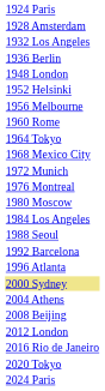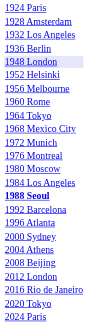 <table>
 <tr>
 <td><a href='#'>1924 Paris</a><br></td>
 <td></td>
 <td></td>
 <td></td>
 </tr>
 <tr>
 <td><a href='#'>1928 Amsterdam</a><br></td>
 <td></td>
 <td></td>
 <td></td>
 </tr>
 <tr>
 <td><a href='#'>1932 Los Angeles</a><br></td>
 <td></td>
 <td></td>
 <td></td>
 </tr>
 <tr>
 <td><a href='#'>1936 Berlin</a><br></td>
 <td></td>
 <td></td>
 <td></td>
 </tr>
 <tr>
-<td><a href='#'>1948 London</a><br></td>
+<td style="background: lavender;"><a href='#'>1948 London</a><br></td>
 <td></td>
 <td></td>
 <td></td>
 </tr>
 <tr>
 <td><a href='#'>1952 Helsinki</a><br></td>
 <td></td>
 <td></td>
 <td></td>
 </tr>
 <tr>
 <td><a href='#'>1956 Melbourne</a><br></td>
 <td></td>
 <td></td>
 <td></td>
 </tr>
 <tr>
 <td><a href='#'>1960 Rome</a><br></td>
 <td></td>
 <td></td>
 <td></td>
 </tr>
 <tr>
 <td><a href='#'>1964 Tokyo</a><br></td>
 <td></td>
 <td></td>
 <td></td>
 </tr>
 <tr>
 <td><a href='#'>1968 Mexico City</a><br></td>
 <td></td>
 <td></td>
 <td></td>
 </tr>
 <tr>
 <td><a href='#'>1972 Munich</a><br></td>
 <td></td>
 <td></td>
 <td></td>
 </tr>
 <tr>
 <td><a href='#'>1976 Montreal</a><br></td>
 <td></td>
 <td></td>
 <td></td>
 </tr>
 <tr>
 <td><a href='#'>1980 Moscow</a><br></td>
 <td></td>
 <td></td>
 <td></td>
 </tr>
 <tr>
 <td><a href='#'>1984 Los Angeles</a><br></td>
 <td></td>
 <td></td>
 <td></td>
 </tr>
 <tr>
-<td><a href='#'>1988 Seoul</a><br></td>
+<td><strong><a href='#'>1988 Seoul</a><br></strong></td>
 <td></td>
 <td></td>
 <td></td>
 </tr>
 <tr>
 <td><a href='#'>1992 Barcelona</a><br></td>
 <td></td>
 <td></td>
 <td></td>
 </tr>
 <tr>
 <td><a href='#'>1996 Atlanta</a><br></td>
 <td></td>
 <td></td>
 <td></td>
 </tr>
 <tr>
-<td style="background: khaki;"><a href='#'>2000 Sydney</a><br></td>
+<td><a href='#'>2000 Sydney</a><br></td>
 <td></td>
 <td></td>
 <td></td>
 </tr>
 <tr>
 <td><a href='#'>2004 Athens</a><br></td>
 <td></td>
 <td></td>
 <td></td>
 </tr>
 <tr>
 <td><a href='#'>2008 Beijing</a><br></td>
 <td></td>
 <td></td>
 <td></td>
 </tr>
 <tr>
 <td><a href='#'>2012 London</a><br></td>
 <td></td>
 <td></td>
 <td></td>
 </tr>
 <tr>
 <td><a href='#'>2016 Rio de Janeiro</a><br></td>
 <td></td>
 <td></td>
 <td></td>
 </tr>
 <tr>
 <td><a href='#'>2020 Tokyo</a><br></td>
 <td></td>
 <td></td>
 <td></td>
 </tr>
 <tr>
 <td><a href='#'>2024 Paris</a> <br></td>
 <td></td>
 <td></td>
 <td></td>
 </tr>
 <tr>
 </tr>
 </table>
